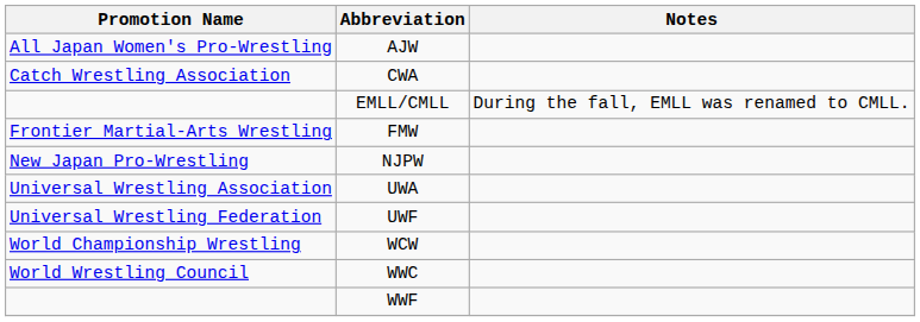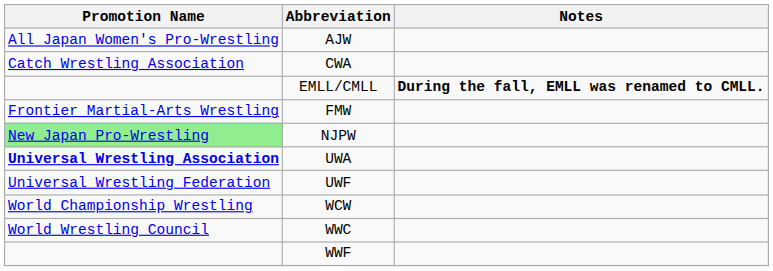 <table class="wikitable">
 <tr>
 <th>Promotion Name</th>
 <th>Abbreviation</th>
 <th>Notes</th>
 </tr>
 <tr>
 <td><a href='#'>All Japan Women's Pro-Wrestling</a></td>
 <td align=center>AJW</td>
 </tr>
 <tr>
 <td><a href='#'>Catch Wrestling Association</a></td>
 <td align=center>CWA</td>
 <td></td>
 </tr>
 <tr>
 <td></td>
 <td align=center>EMLL/CMLL</td>
-<td>During the fall, EMLL was renamed to CMLL.</td>
+<td><strong>During the fall, EMLL was renamed to CMLL.</strong></td>
 </tr>
 <tr>
 <td><a href='#'>Frontier Martial-Arts Wrestling</a></td>
 <td align=center>FMW</td>
 <td></td>
 </tr>
 <tr>
-<td><a href='#'>New Japan Pro-Wrestling</a></td>
+<td style="background: lightgreen;"><a href='#'>New Japan Pro-Wrestling</a></td>
 <td align=center>NJPW</td>
 <td></td>
 </tr>
 <tr>
-<td><a href='#'>Universal Wrestling Association</a></td>
+<td><strong><a href='#'>Universal Wrestling Association</a></strong></td>
 <td align=center>UWA</td>
 <td></td>
 </tr>
 <tr>
 <td><a href='#'>Universal Wrestling Federation</a></td>
 <td align=center>UWF</td>
 <td></td>
 </tr>
 <tr>
 <td><a href='#'>World Championship Wrestling</a></td>
 <td align=center>WCW</td>
 <td></td>
 </tr>
 <tr>
 <td><a href='#'>World Wrestling Council</a></td>
 <td align=center>WWC</td>
 <td></td>
 </tr>
 <tr>
 <td></td>
 <td align=center>WWF</td>
 <td></td>
 </tr>
 <tr>
 </tr>
 </table>
